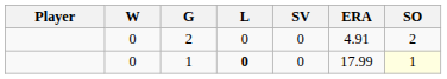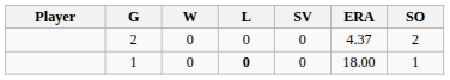 <table class="wikitable sortable">
 <tr>
 <th bgcolor="#DDDDFF" width="16%">Player</th>
+<th bgcolor="#DDDDFF" width="9%">G</th>
 <th bgcolor="#DDDDFF" width="9%">W</th>
-<th bgcolor="#DDDDFF" width="9%">G</th>
 <th bgcolor="#DDDDFF" width="9%">L</th>
 <th bgcolor="#DDDDFF" width="9%">SV</th>
 <th bgcolor="#DDDDFF" width="9%">ERA</th>
 <th bgcolor="#DDDDFF" width="9%">SO</th>
 </tr>
 <tr align="center">
 <td></td>
-<td>0</td>
 <td>2</td>
 <td>0</td>
 <td>0</td>
-<td>4.91</td>
+<td>0</td>
+<td>4.37</td>
 <td>2</td>
 </tr>
 <tr align="center">
 <td></td>
+<td>1</td>
 <td>0</td>
-<td>1</td>
 <td><strong>0</strong></td>
 <td>0</td>
-<td>17.99</td>
-<td style="background: lightyellow;">1</td>
+<td>18.00</td>
+<td>1</td>
 </tr>
 </table>
